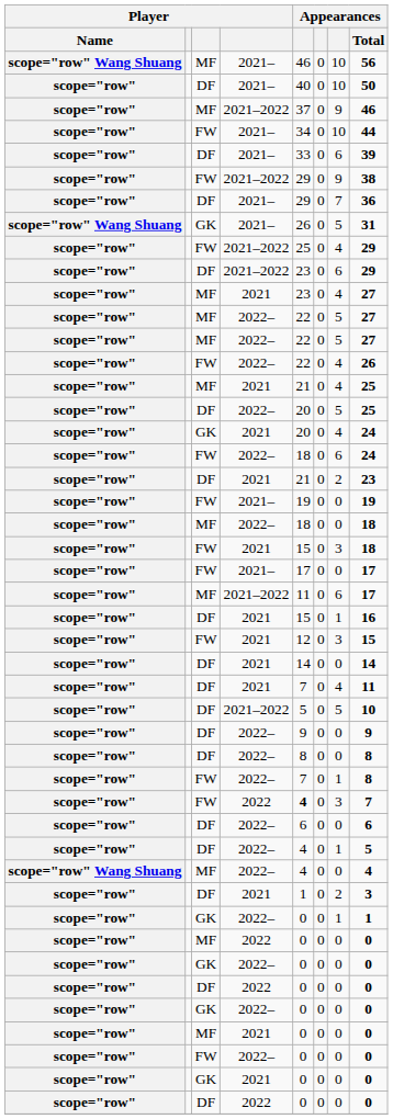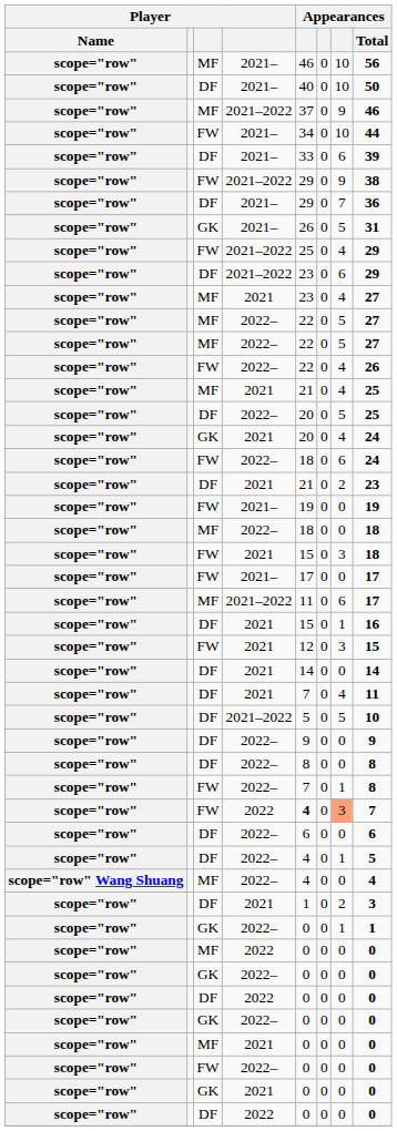 <table class="wikitable plainrowheaders sortable" style="text-align:center;">
 <tr>
 <th colspan=4 scope="colgroup">Player</th>
 <th colspan=5 scope="colgroup">Appearances</th>
 </tr>
 <tr>
 <th scope="col">Name</th>
 <th scope="col"></th>
 <th scope="col"></th>
 <th scope="col"></th>
 <th scope="col"></th>
 <th scope="col"></th>
 <th scope="col"></th>
 <th scope="col">Total</th>
 </tr>
 <tr>
-<th>scope="row" <strong><a href='#'>Wang Shuang</a></strong></th>
+<th>scope="row" <strong></strong></th>
 <td></td>
 <td>MF</td>
 <td>2021–</td>
 <td>46</td>
 <td>0</td>
 <td>10</td>
 <td><strong>56</strong></td>
 </tr>
 <tr>
 <th>scope="row" <strong></strong></th>
 <td></td>
 <td>DF</td>
 <td>2021–</td>
 <td>40</td>
 <td>0</td>
 <td>10</td>
 <td><strong>50</strong></td>
 </tr>
 <tr>
 <th>scope="row" </th>
 <td></td>
 <td>MF</td>
 <td>2021–2022</td>
 <td>37</td>
 <td>0</td>
 <td>9</td>
 <td><strong>46</strong></td>
 </tr>
 <tr>
 <th>scope="row" <strong></strong></th>
 <td></td>
 <td>FW</td>
 <td>2021–</td>
 <td>34</td>
 <td>0</td>
 <td>10</td>
 <td><strong>44</strong></td>
 </tr>
 <tr>
 <th>scope="row" <strong></strong></th>
 <td></td>
 <td>DF</td>
 <td>2021–</td>
 <td>33</td>
 <td>0</td>
 <td>6</td>
 <td><strong>39</strong></td>
 </tr>
 <tr>
 <th>scope="row" </th>
 <td></td>
 <td>FW</td>
 <td>2021–2022</td>
 <td>29</td>
 <td>0</td>
 <td>9</td>
 <td><strong>38</strong></td>
 </tr>
 <tr>
 <th>scope="row" <strong></strong></th>
 <td></td>
 <td>DF</td>
 <td>2021–</td>
 <td>29</td>
 <td>0</td>
 <td>7</td>
 <td><strong>36</strong></td>
 </tr>
 <tr>
-<th>scope="row" <strong><a href='#'>Wang Shuang</a></strong></th>
+<th>scope="row" <strong></strong></th>
 <td></td>
 <td>GK</td>
 <td>2021–</td>
 <td>26</td>
 <td>0</td>
 <td>5</td>
 <td><strong>31</strong></td>
 </tr>
 <tr>
 <th>scope="row" </th>
 <td></td>
 <td>FW</td>
 <td>2021–2022</td>
 <td>25</td>
 <td>0</td>
 <td>4</td>
 <td><strong>29</strong></td>
 </tr>
 <tr>
 <th>scope="row" </th>
 <td></td>
 <td>DF</td>
 <td>2021–2022</td>
 <td>23</td>
 <td>0</td>
 <td>6</td>
 <td><strong>29</strong></td>
 </tr>
 <tr>
 <th>scope="row" </th>
 <td></td>
 <td>MF</td>
 <td>2021</td>
 <td>23</td>
 <td>0</td>
 <td>4</td>
 <td><strong>27</strong></td>
 </tr>
 <tr>
 <th>scope="row" <strong></strong></th>
 <td></td>
 <td>MF</td>
 <td>2022–</td>
 <td>22</td>
 <td>0</td>
 <td>5</td>
 <td><strong>27</strong></td>
 </tr>
 <tr>
 <th>scope="row" <strong></strong></th>
 <td></td>
 <td>MF</td>
 <td>2022–</td>
 <td>22</td>
 <td>0</td>
 <td>5</td>
 <td><strong>27</strong></td>
 </tr>
 <tr>
 <th>scope="row" <strong></strong></th>
 <td></td>
 <td>FW</td>
 <td>2022–</td>
 <td>22</td>
 <td>0</td>
 <td>4</td>
 <td><strong>26</strong></td>
 </tr>
 <tr>
 <th>scope="row" </th>
 <td></td>
 <td>MF</td>
 <td>2021</td>
 <td>21</td>
 <td>0</td>
 <td>4</td>
 <td><strong>25</strong></td>
 </tr>
 <tr>
 <th>scope="row" <strong></strong></th>
 <td></td>
 <td>DF</td>
 <td>2022–</td>
 <td>20</td>
 <td>0</td>
 <td>5</td>
 <td><strong>25</strong></td>
 </tr>
 <tr>
 <th>scope="row" </th>
 <td></td>
 <td>GK</td>
 <td>2021</td>
 <td>20</td>
 <td>0</td>
 <td>4</td>
 <td><strong>24</strong></td>
 </tr>
 <tr>
 <th>scope="row" <strong></strong></th>
 <td></td>
 <td>FW</td>
 <td>2022–</td>
 <td>18</td>
 <td>0</td>
 <td>6</td>
 <td><strong>24</strong></td>
 </tr>
 <tr>
 <th>scope="row" </th>
 <td></td>
 <td>DF</td>
 <td>2021</td>
 <td>21</td>
 <td>0</td>
 <td>2</td>
 <td><strong>23</strong></td>
 </tr>
 <tr>
 <th>scope="row" <strong></strong></th>
 <td></td>
 <td>FW</td>
 <td>2021–</td>
 <td>19</td>
 <td>0</td>
 <td>0</td>
 <td><strong>19</strong></td>
 </tr>
 <tr>
 <th>scope="row" <strong></strong></th>
 <td></td>
 <td>MF</td>
 <td>2022–</td>
 <td>18</td>
 <td>0</td>
 <td>0</td>
 <td><strong>18</strong></td>
 </tr>
 <tr>
 <th>scope="row" </th>
 <td></td>
 <td>FW</td>
 <td>2021</td>
 <td>15</td>
 <td>0</td>
 <td>3</td>
 <td><strong>18</strong></td>
 </tr>
 <tr>
 <th>scope="row" <strong></strong></th>
 <td></td>
 <td>FW</td>
 <td>2021–</td>
 <td>17</td>
 <td>0</td>
 <td>0</td>
 <td><strong>17</strong></td>
 </tr>
 <tr>
 <th>scope="row" </th>
 <td></td>
 <td>MF</td>
 <td>2021–2022</td>
 <td>11</td>
 <td>0</td>
 <td>6</td>
 <td><strong>17</strong></td>
 </tr>
 <tr>
 <th>scope="row" </th>
 <td></td>
 <td>DF</td>
 <td>2021</td>
 <td>15</td>
 <td>0</td>
 <td>1</td>
 <td><strong>16</strong></td>
 </tr>
 <tr>
 <th>scope="row" </th>
 <td></td>
 <td>FW</td>
 <td>2021</td>
 <td>12</td>
 <td>0</td>
 <td>3</td>
 <td><strong>15</strong></td>
 </tr>
 <tr>
 <th>scope="row" </th>
 <td></td>
 <td>DF</td>
 <td>2021</td>
 <td>14</td>
 <td>0</td>
 <td>0</td>
 <td><strong>14</strong></td>
 </tr>
 <tr>
 <th>scope="row" </th>
 <td></td>
 <td>DF</td>
 <td>2021</td>
 <td>7</td>
 <td>0</td>
 <td>4</td>
 <td><strong>11</strong></td>
 </tr>
 <tr>
 <th>scope="row" </th>
 <td></td>
 <td>DF</td>
 <td>2021–2022</td>
 <td>5</td>
 <td>0</td>
 <td>5</td>
 <td><strong>10</strong></td>
 </tr>
 <tr>
 <th>scope="row" <strong></strong></th>
 <td></td>
 <td>DF</td>
 <td>2022–</td>
 <td>9</td>
 <td>0</td>
 <td>0</td>
 <td><strong>9</strong></td>
 </tr>
 <tr>
 <th>scope="row" <strong></strong></th>
 <td></td>
 <td>DF</td>
 <td>2022–</td>
 <td>8</td>
 <td>0</td>
 <td>0</td>
 <td><strong>8</strong></td>
 </tr>
 <tr>
 <th>scope="row" <strong></strong></th>
 <td></td>
 <td>FW</td>
 <td>2022–</td>
 <td>7</td>
 <td>0</td>
 <td>1</td>
 <td><strong>8</strong></td>
 </tr>
 <tr>
 <th>scope="row" </th>
 <td></td>
 <td>FW</td>
 <td>2022</td>
 <td><strong>4</strong></td>
 <td>0</td>
-<td>3</td>
+<td style="background: lightsalmon;">3</td>
 <td><strong>7</strong></td>
 </tr>
 <tr>
 <th>scope="row" <strong></strong></th>
 <td></td>
 <td>DF</td>
 <td>2022–</td>
 <td>6</td>
 <td>0</td>
 <td>0</td>
 <td><strong>6</strong></td>
 </tr>
 <tr>
 <th>scope="row" <strong></strong></th>
 <td></td>
 <td>DF</td>
 <td>2022–</td>
 <td>4</td>
 <td>0</td>
 <td>1</td>
 <td><strong>5</strong></td>
 </tr>
 <tr>
 <th>scope="row" <strong><a href='#'>Wang Shuang</a></strong></th>
 <td></td>
 <td>MF</td>
 <td>2022–</td>
 <td>4</td>
 <td>0</td>
 <td>0</td>
 <td><strong>4</strong></td>
 </tr>
 <tr>
 <th>scope="row" </th>
 <td></td>
 <td>DF</td>
 <td>2021</td>
 <td>1</td>
 <td>0</td>
 <td>2</td>
 <td><strong>3</strong></td>
 </tr>
 <tr>
 <th>scope="row" <strong></strong></th>
 <td></td>
 <td>GK</td>
 <td>2022–</td>
 <td>0</td>
 <td>0</td>
 <td>1</td>
 <td><strong>1</strong></td>
 </tr>
 <tr>
 <th>scope="row" </th>
 <td></td>
 <td>MF</td>
 <td>2022</td>
 <td>0</td>
 <td>0</td>
 <td>0</td>
 <td><strong>0</strong></td>
 </tr>
 <tr>
 <th>scope="row" <strong></strong></th>
 <td></td>
 <td>GK</td>
 <td>2022–</td>
 <td>0</td>
 <td>0</td>
 <td>0</td>
 <td><strong>0</strong></td>
 </tr>
 <tr>
 <th>scope="row" </th>
 <td></td>
 <td>DF</td>
 <td>2022</td>
 <td>0</td>
 <td>0</td>
 <td>0</td>
 <td><strong>0</strong></td>
 </tr>
 <tr>
 <th>scope="row" <strong></strong></th>
 <td></td>
 <td>GK</td>
 <td>2022–</td>
 <td>0</td>
 <td>0</td>
 <td>0</td>
 <td><strong>0</strong></td>
 </tr>
 <tr>
 <th>scope="row" </th>
 <td></td>
 <td>MF</td>
 <td>2021</td>
 <td>0</td>
 <td>0</td>
 <td>0</td>
 <td><strong>0</strong></td>
 </tr>
 <tr>
 <th>scope="row" <strong></strong></th>
 <td></td>
 <td>FW</td>
 <td>2022–</td>
 <td>0</td>
 <td>0</td>
 <td>0</td>
 <td><strong>0</strong></td>
 </tr>
 <tr>
 <th>scope="row" </th>
 <td></td>
 <td>GK</td>
 <td>2021</td>
 <td>0</td>
 <td>0</td>
 <td>0</td>
 <td><strong>0</strong></td>
 </tr>
 <tr>
 <th>scope="row" </th>
 <td></td>
 <td>DF</td>
 <td>2022</td>
 <td>0</td>
 <td>0</td>
 <td>0</td>
 <td><strong>0</strong></td>
 </tr>
 <tr>
 </tr>
 </table>
